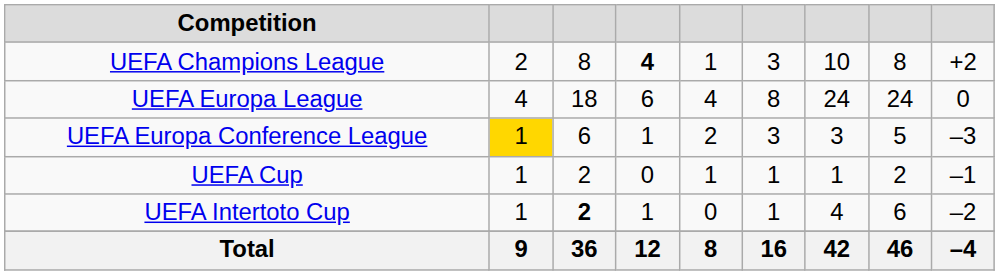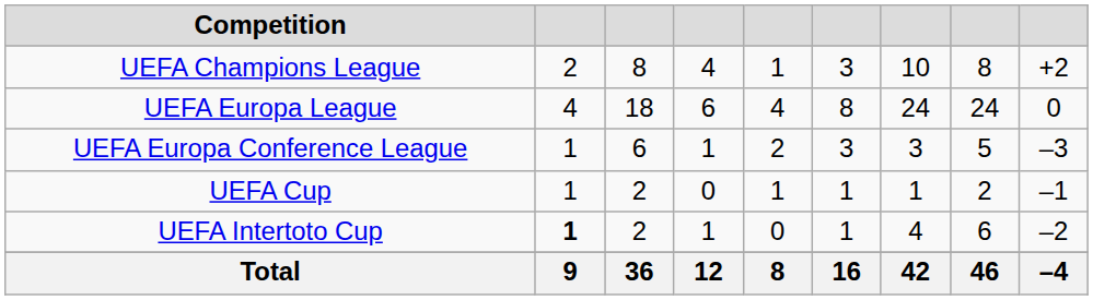 <table class="wikitable" style="text-align: center;">
 <tr>
 <th width="318" style="background:#DCDCDC">Competition</th>
 <th width="35" style="background:#DCDCDC"></th>
 <th width="35" style="background:#DCDCDC"></th>
 <th width="35" style="background:#DCDCDC"></th>
 <th width="35" style="background:#DCDCDC"></th>
 <th width="35" style="background:#DCDCDC"></th>
 <th width="35" style="background:#DCDCDC"></th>
 <th width="35" style="background:#DCDCDC"></th>
 <th width="35" style="background:#DCDCDC"></th>
 </tr>
 <tr>
 <td><a href='#'>UEFA Champions League</a></td>
 <td>2</td>
 <td>8</td>
-<td><strong>4</strong></td>
+<td>4</td>
 <td>1</td>
 <td>3</td>
 <td>10</td>
 <td>8</td>
 <td>+2</td>
 </tr>
 <tr>
 <td><a href='#'>UEFA Europa League</a></td>
 <td>4</td>
 <td>18</td>
 <td>6</td>
 <td>4</td>
 <td>8</td>
 <td>24</td>
 <td>24</td>
 <td>0</td>
 </tr>
 <tr>
 <td><a href='#'>UEFA Europa Conference League</a></td>
-<td style="background: gold;">1</td>
+<td>1</td>
 <td>6</td>
 <td>1</td>
 <td>2</td>
 <td>3</td>
 <td>3</td>
 <td>5</td>
 <td>–3</td>
 </tr>
 <tr>
 <td><a href='#'>UEFA Cup</a></td>
 <td>1</td>
 <td>2</td>
 <td>0</td>
 <td>1</td>
 <td>1</td>
 <td>1</td>
 <td>2</td>
 <td>–1</td>
 </tr>
 <tr>
 <td><a href='#'>UEFA Intertoto Cup</a></td>
-<td>1</td>
-<td><strong>2</strong></td>
+<td><strong>1</strong></td>
+<td>2</td>
 <td>1</td>
 <td>0</td>
 <td>1</td>
 <td>4</td>
 <td>6</td>
 <td>–2</td>
 </tr>
 <tr>
 </tr>
 <tr class="sortbottom">
 <th>Total</th>
 <th>9</th>
 <th>36</th>
 <th>12</th>
 <th>8</th>
 <th>16</th>
 <th>42</th>
 <th>46</th>
 <th>–4</th>
 </tr>
 </table>
